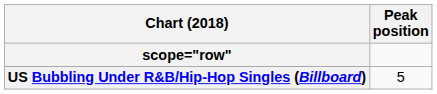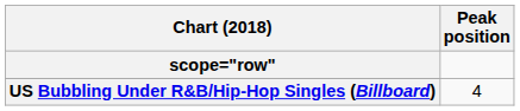 <table class="wikitable sortable plainrowheaders" style="text-align:center">
 <tr>
 <th scope="col">Chart (2018)</th>
 <th scope="col">Peak<br>position</th>
 </tr>
 <tr>
 <th>scope="row"</th>
 </tr>
 <tr>
 </tr>
 <tr>
 <th scope="row">US <a href='#'>Bubbling Under R&B/Hip-Hop Singles</a> (<em><a href='#'>Billboard</a></em>)</th>
-<td>5</td>
+<td>4</td>
 </tr>
 </table>
